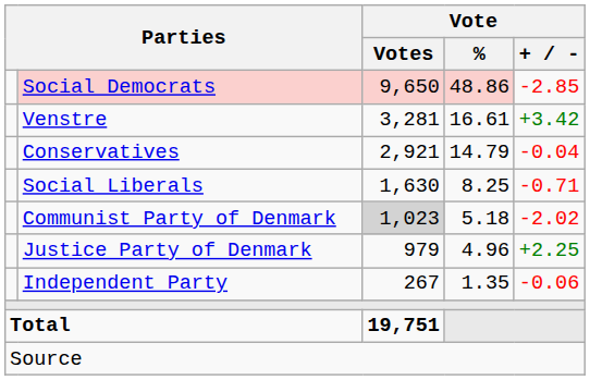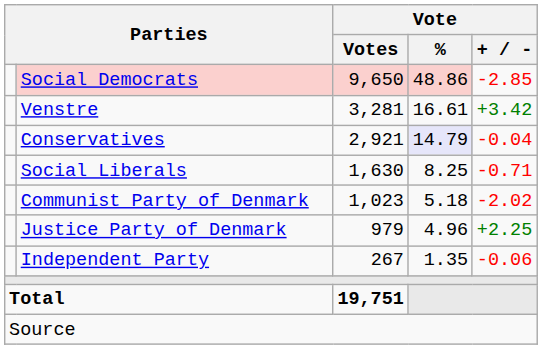 <table class="wikitable" style="text-align:right;">
 <tr>
 <th style="text-align:centre;" rowspan="2" colspan="2" width="225">Parties</th>
 <th colspan="3">Vote</th>
 </tr>
 <tr>
 <th width="15">Votes</th>
 <th width="15">%</th>
 <th width="15">+ / -</th>
 </tr>
 <tr>
 <td width="2" style="color:inherit;background:"></td>
 <td bgcolor=#fbd0ce  align="left"><a href='#'>Social Democrats</a></td>
 <td bgcolor=#fbd0ce>9,650</td>
 <td bgcolor=#fbd0ce>48.86</td>
 <td style=color:red;>-2.85</td>
 </tr>
 <tr>
 <td width="2" style="color:inherit;background:"></td>
 <td align="left"><a href='#'>Venstre</a></td>
 <td>3,281</td>
 <td>16.61</td>
 <td style=color:green;>+3.42</td>
 </tr>
 <tr>
 <td width="2" style="color:inherit;background:"></td>
 <td align="left"><a href='#'>Conservatives</a></td>
 <td>2,921</td>
-<td>14.79</td>
+<td style="background: lavender;">14.79</td>
 <td style=color:red;>-0.04</td>
 </tr>
 <tr>
 <td width="2" style="color:inherit;background:"></td>
 <td align="left"><a href='#'>Social Liberals</a></td>
 <td>1,630</td>
 <td>8.25</td>
 <td style=color:red;>-0.71</td>
 </tr>
 <tr>
 <td width="2" style="color:inherit;background:"></td>
 <td align="left"><a href='#'>Communist Party of Denmark</a></td>
-<td style="background: lightgrey;">1,023</td>
+<td>1,023</td>
 <td>5.18</td>
 <td style=color:red;>-2.02</td>
 </tr>
 <tr>
 <td width="2" style="color:inherit;background:"></td>
 <td align="left"><a href='#'>Justice Party of Denmark</a></td>
 <td>979</td>
 <td>4.96</td>
 <td style=color:green;>+2.25</td>
 </tr>
 <tr>
 <td width="2" style="color:inherit;background:"></td>
 <td align="left"><a href='#'>Independent Party</a></td>
 <td>267</td>
 <td>1.35</td>
 <td style=color:red;>-0.06</td>
 </tr>
 <tr>
 <td colspan="7" bgcolor="#E9E9E9"></td>
 </tr>
 <tr>
 <td align="left" colspan="2"><strong>Total</strong></td>
 <td><strong>19,751</strong></td>
 <td bgcolor="#E9E9E9" colspan="2"></td>
 </tr>
 <tr>
 <td align="left" colspan="6">Source</td>
 </tr>
 </table>
